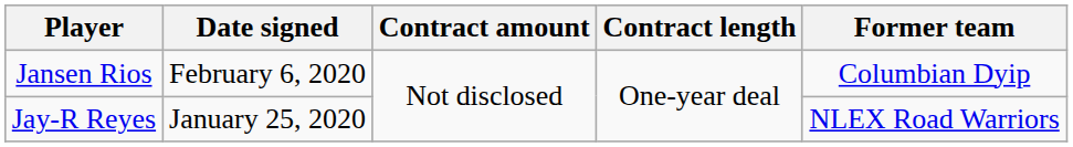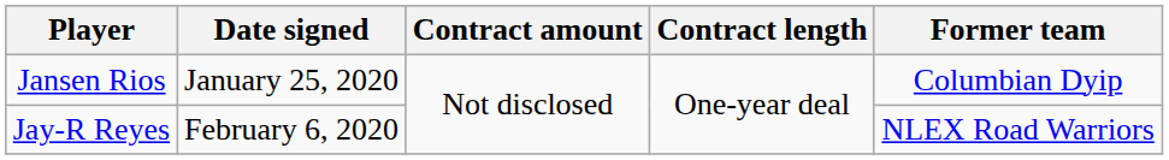 <table class="wikitable sortable sortable">
 <tr>
 <th>Player</th>
 <th>Date signed</th>
 <th>Contract amount</th>
 <th>Contract length</th>
 <th>Former team</th>
 </tr>
 <tr>
 <td align="center"><a href='#'>Jansen Rios</a></td>
-<td align="center">February 6, 2020</td>
+<td align="center">January 25, 2020</td>
 <td align="center" rowspan="2">Not disclosed</td>
 <td align="center" rowspan="2">One-year deal</td>
 <td align="center"><a href='#'>Columbian Dyip</a></td>
 </tr>
 <tr>
 <td align="center"><a href='#'>Jay-R Reyes</a></td>
-<td align="center">January 25, 2020</td>
+<td align="center">February 6, 2020</td>
 <td align="center"><a href='#'>NLEX Road Warriors</a></td>
 </tr>
 </table>
